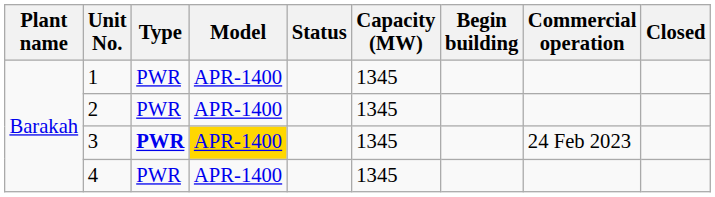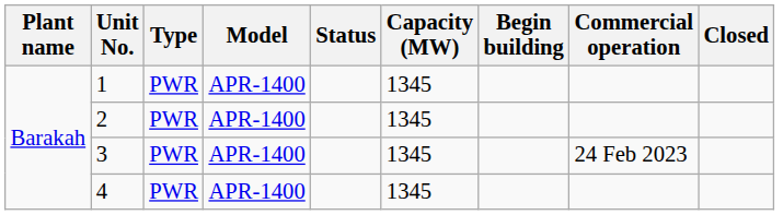 <table class="wikitable sortable mw-datatable">
 <tr>
 <th>Plant<br>name</th>
 <th>Unit<br>No.</th>
 <th>Type</th>
 <th>Model</th>
 <th>Status</th>
 <th>Capacity<br>(MW)</th>
 <th>Begin<br>building</th>
 <th>Commercial<br>operation</th>
 <th>Closed</th>
 </tr>
 <tr>
 <td rowspan=4><a href='#'>Barakah</a></td>
 <td>1</td>
 <td><a href='#'>PWR</a></td>
 <td><a href='#'>APR-1400</a></td>
 <td></td>
 <td>1345</td>
 <td></td>
 <td></td>
 <td></td>
 </tr>
 <tr>
 <td>2</td>
 <td><a href='#'>PWR</a></td>
 <td><a href='#'>APR-1400</a></td>
 <td></td>
 <td>1345</td>
 <td></td>
 <td></td>
 <td></td>
 </tr>
 <tr>
 <td>3</td>
-<td><strong><a href='#'>PWR</a></strong></td>
-<td style="background: gold;"><a href='#'>APR-1400</a></td>
+<td><a href='#'>PWR</a></td>
+<td><a href='#'>APR-1400</a></td>
 <td></td>
 <td>1345</td>
 <td></td>
 <td>24 Feb 2023</td>
 <td></td>
 </tr>
 <tr>
 <td>4</td>
 <td><a href='#'>PWR</a></td>
 <td><a href='#'>APR-1400</a></td>
 <td></td>
 <td>1345</td>
 <td></td>
 <td></td>
 <td></td>
 </tr>
 </table>
